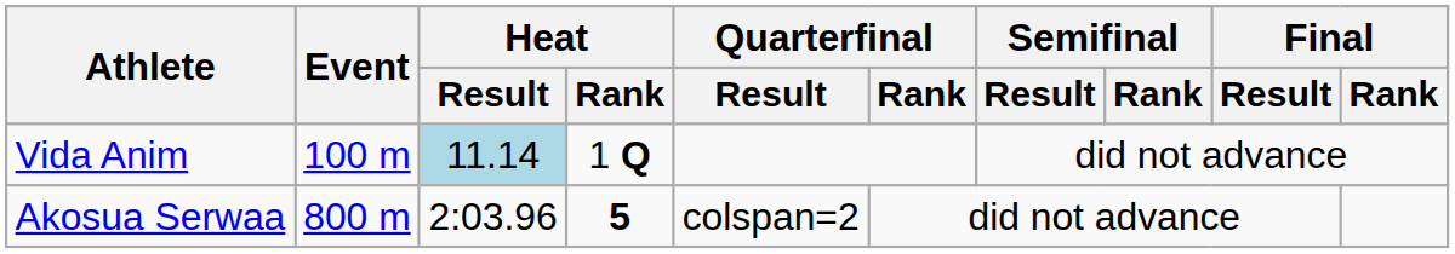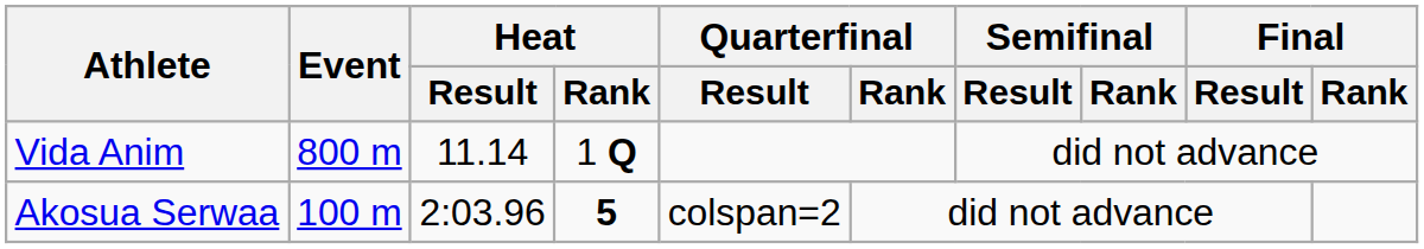 <table class=wikitable style="font-size:90%">
 <tr>
 <th rowspan="2">Athlete</th>
 <th rowspan="2">Event</th>
 <th colspan="2">Heat</th>
 <th colspan="2">Quarterfinal</th>
 <th colspan="2">Semifinal</th>
 <th colspan="2">Final</th>
 </tr>
 <tr style="font-size:95%">
 <th>Result</th>
 <th>Rank</th>
 <th>Result</th>
 <th>Rank</th>
 <th>Result</th>
 <th>Rank</th>
 <th>Result</th>
 <th>Rank</th>
 </tr>
 <tr align=center>
 <td align=left><a href='#'>Vida Anim</a></td>
-<td align=left><a href='#'>100 m</a></td>
-<td style="background: lightblue;">11.14</td>
+<td align=left><a href='#'>800 m</a></td>
+<td>11.14</td>
 <td>1 <strong>Q</strong></td>
 <td colspan=2></td>
 <td colspan=4>did not advance</td>
 </tr>
 <tr align=center>
 <td align=left><a href='#'>Akosua Serwaa</a></td>
-<td align=left><a href='#'>800 m</a></td>
+<td align=left><a href='#'>100 m</a></td>
 <td>2:03.96</td>
 <td><strong>5</strong></td>
 <td>colspan=2 </td>
 <td colspan=4>did not advance</td>
 </tr>
 </table>
